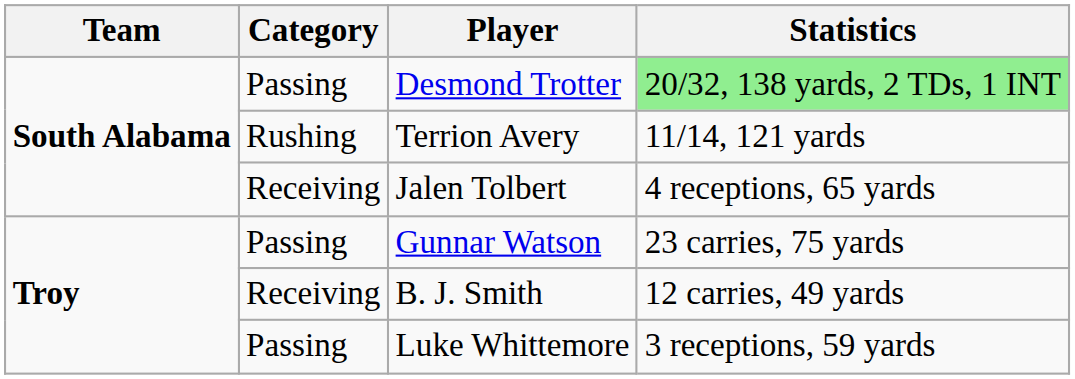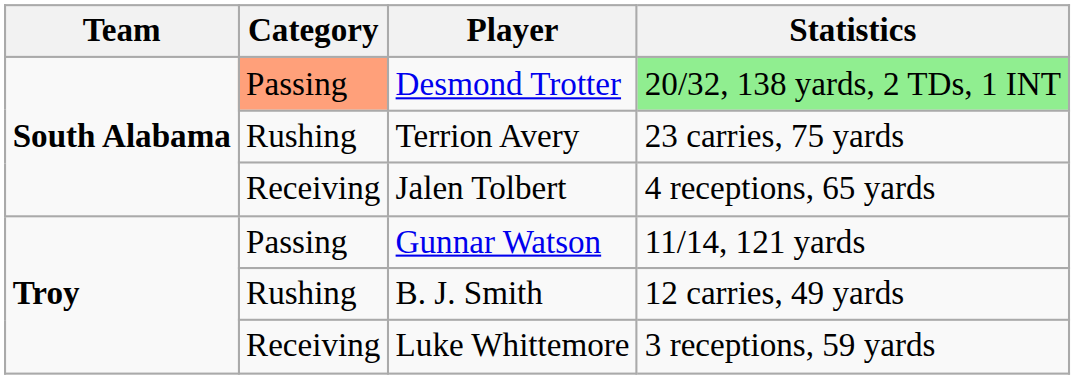 <table class="wikitable" style="float: left;">
 <tr>
 <th>Team</th>
 <th>Category</th>
 <th>Player</th>
 <th>Statistics</th>
 </tr>
 <tr>
 <td rowspan=3><strong>South Alabama</strong></td>
-<td>Passing</td>
+<td style="background: lightsalmon;">Passing</td>
 <td><a href='#'>Desmond Trotter</a></td>
 <td style="background: lightgreen;">20/32, 138 yards, 2 TDs, 1 INT</td>
 </tr>
 <tr>
 <td>Rushing</td>
 <td>Terrion Avery</td>
-<td>11/14, 121 yards</td>
+<td>23 carries, 75 yards</td>
 </tr>
 <tr>
 <td>Receiving</td>
 <td>Jalen Tolbert</td>
 <td>4 receptions, 65 yards</td>
 </tr>
 <tr>
 <td rowspan=3><strong>Troy</strong></td>
 <td>Passing</td>
 <td><a href='#'>Gunnar Watson</a></td>
-<td>23 carries, 75 yards</td>
+<td>11/14, 121 yards</td>
 </tr>
 <tr>
-<td>Receiving</td>
+<td>Rushing</td>
 <td>B. J. Smith</td>
 <td>12 carries, 49 yards</td>
 </tr>
 <tr>
-<td>Passing</td>
+<td>Receiving</td>
 <td>Luke Whittemore</td>
 <td>3 receptions, 59 yards</td>
 </tr>
 </table>
